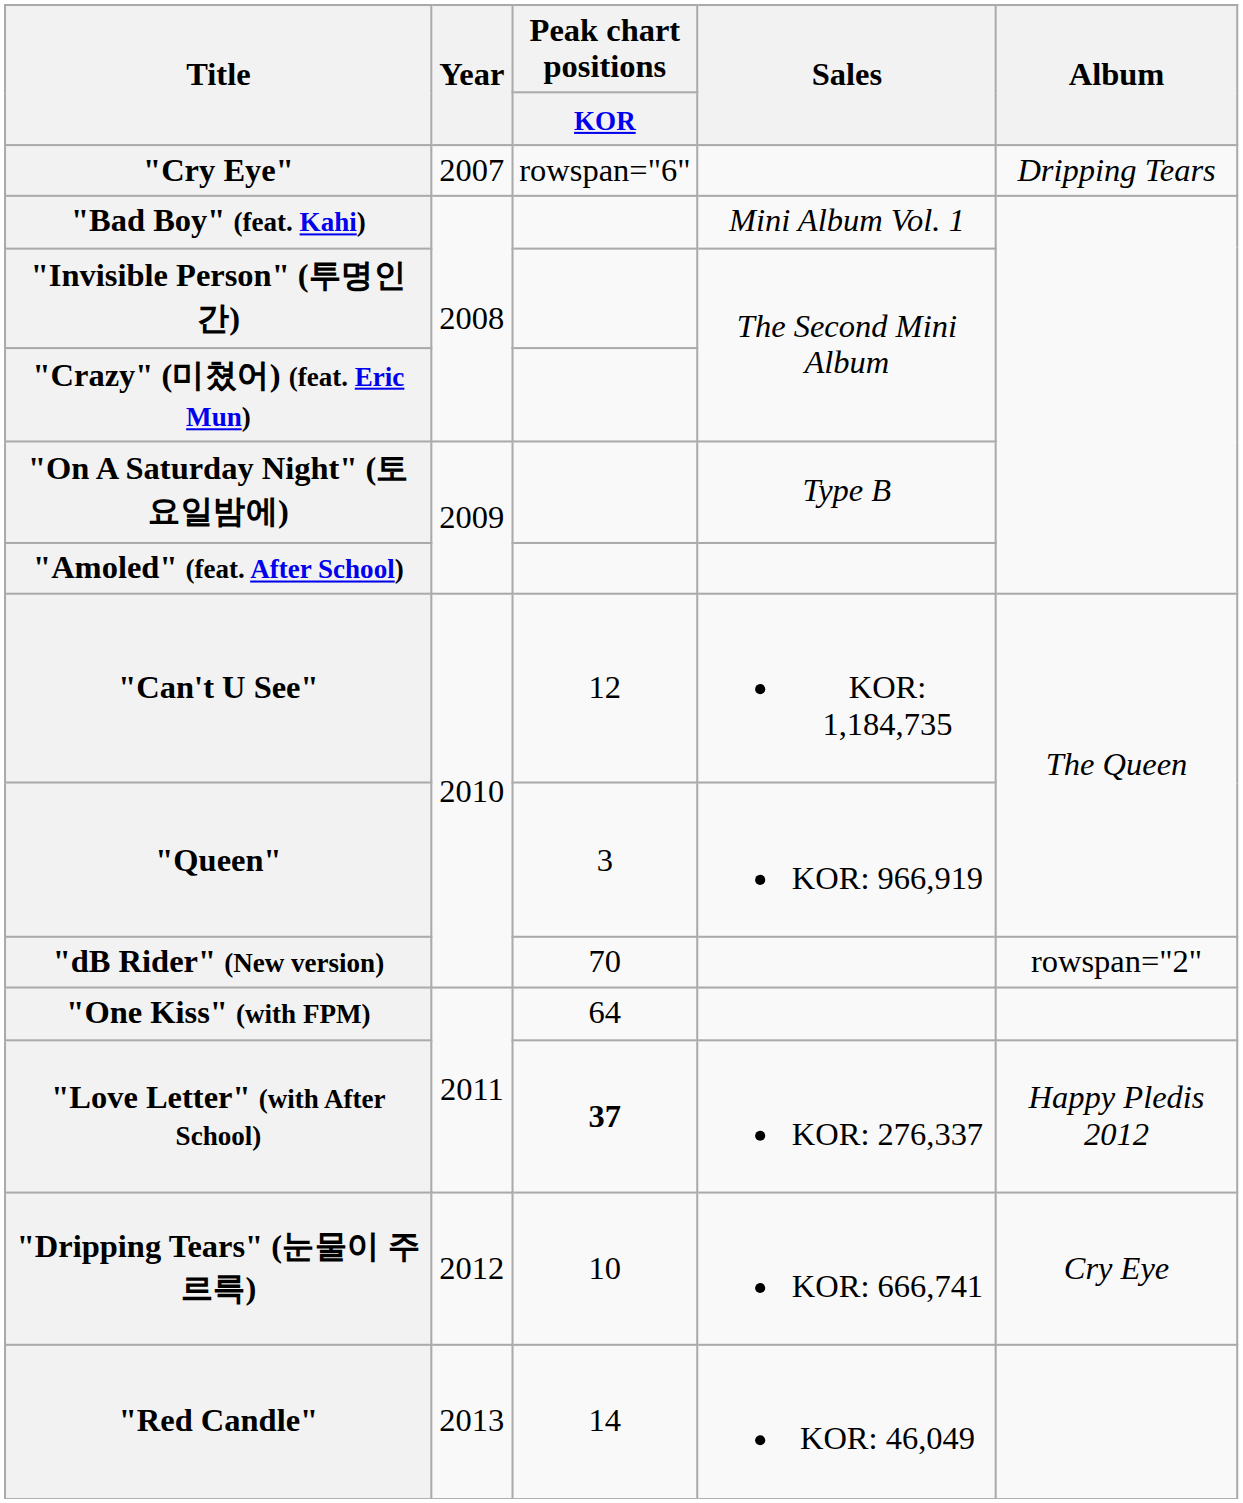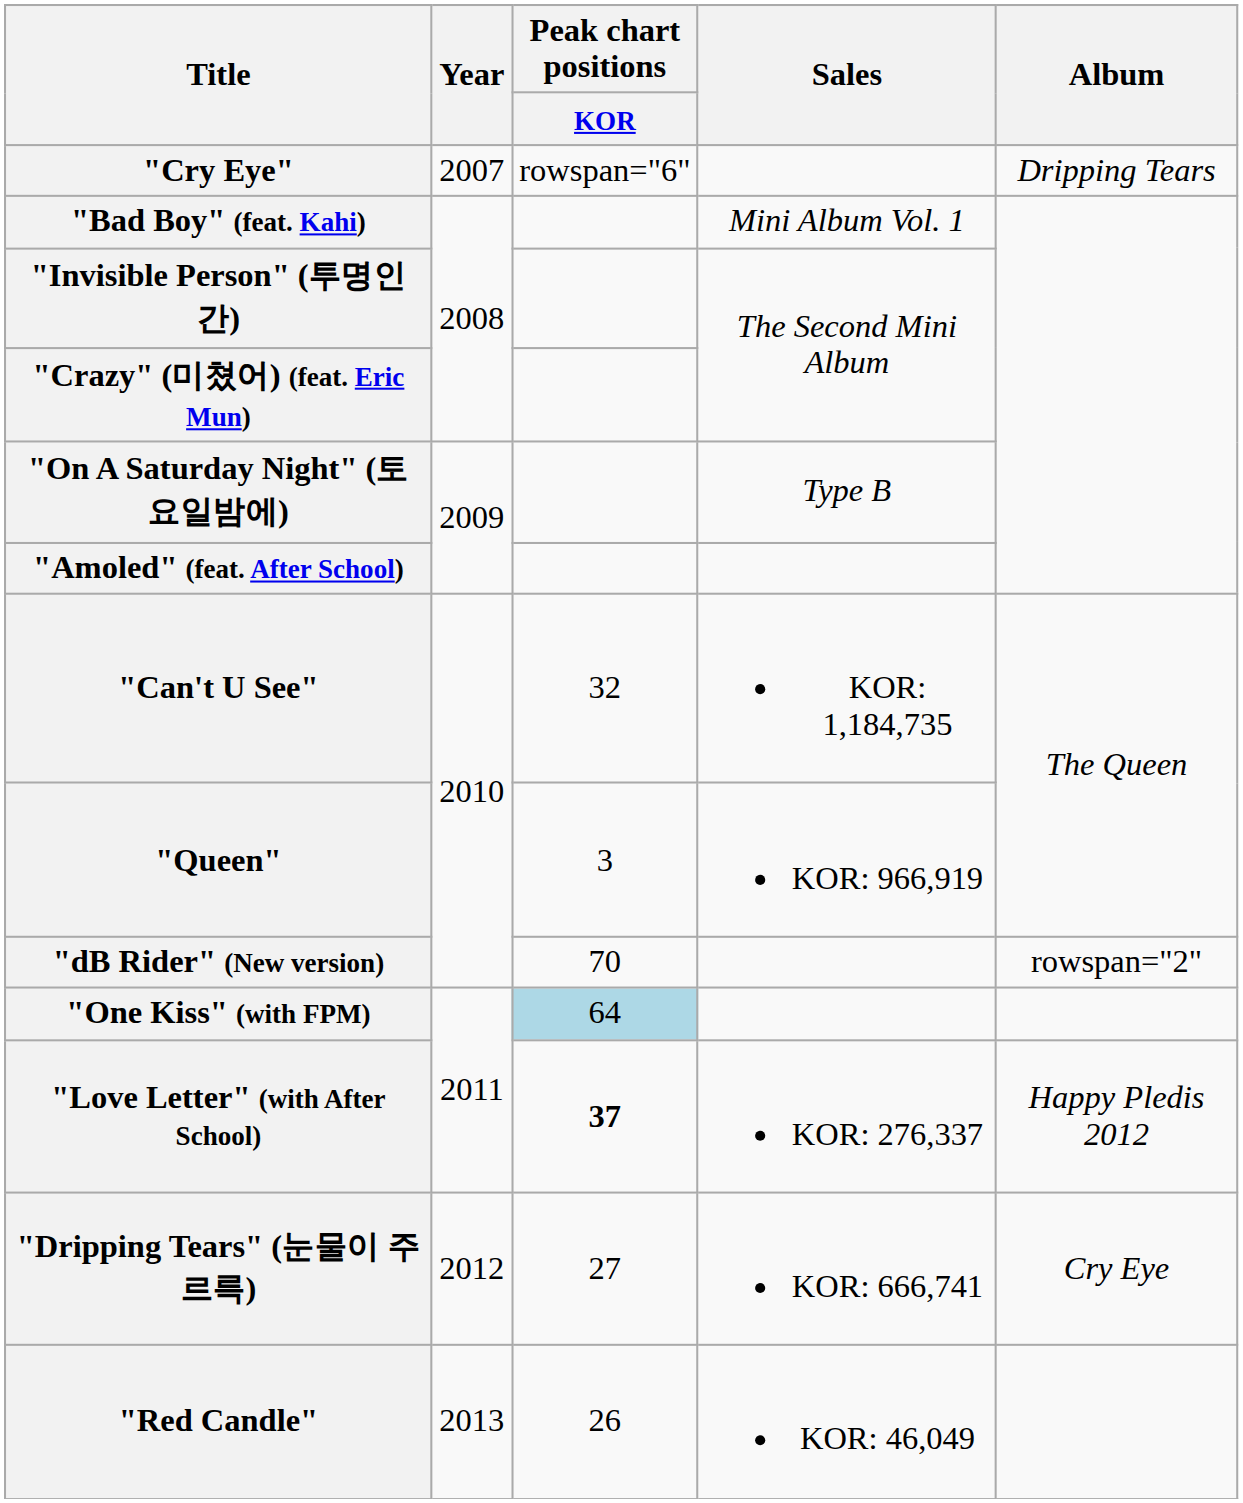 <table class="wikitable plainrowheaders" style="text-align:center">
 <tr>
 <th scope="col" rowspan="2">Title</th>
 <th scope="col" rowspan="2">Year</th>
 <th scope="col" style="width:5em;">Peak chart positions</th>
 <th scope="col" rowspan="2">Sales</th>
 <th scope="col" rowspan="2">Album</th>
 </tr>
 <tr>
 <th><small><a href='#'>KOR</a></small><br></th>
 </tr>
 <tr>
 <th scope="row">"Cry Eye"</th>
 <td>2007</td>
 <td>rowspan="6" </td>
 <td></td>
 <td><em>Dripping Tears</em></td>
 </tr>
 <tr>
 <th scope="row">"Bad Boy" <small>(feat. <a href='#'>Kahi</a>)</small></th>
 <td rowspan="3">2008</td>
 <td></td>
 <td><em>Mini Album Vol. 1</em></td>
 </tr>
 <tr>
 <th scope="row">"Invisible Person" (투명인간)</th>
 <td></td>
 <td rowspan="2"><em>The Second Mini Album</em></td>
 </tr>
 <tr>
 <th scope="row">"Crazy" (미쳤어) <small>(feat. <a href='#'>Eric Mun</a>)</small></th>
 <td></td>
 </tr>
 <tr>
 <th scope="row">"On A Saturday Night" (토요일밤에)</th>
 <td rowspan="2">2009</td>
 <td></td>
 <td><em>Type B</em></td>
 </tr>
 <tr>
 <th scope="row">"Amoled" <small>(feat. <a href='#'>After School</a>)</small></th>
 <td></td>
 <td></td>
 </tr>
 <tr>
 <th scope="row">"Can't U See"</th>
 <td rowspan="3">2010</td>
-<td>12</td>
+<td>32</td>
 <td><br><ul><li>KOR: 1,184,735</li></ul></td>
 <td rowspan="2"><em>The Queen</em></td>
 </tr>
 <tr>
 <th scope="row">"Queen"</th>
 <td>3</td>
 <td><br><ul><li>KOR: 966,919</li></ul></td>
 </tr>
 <tr>
 <th scope="row">"dB Rider" <small>(New version)</small></th>
 <td>70</td>
 <td></td>
 <td>rowspan="2" </td>
 </tr>
 <tr>
 <th scope="row">"One Kiss" <small>(with FPM)</small></th>
 <td rowspan="2">2011</td>
-<td>64</td>
+<td style="background: lightblue;">64</td>
 <td></td>
 </tr>
 <tr>
 <th scope="row">"Love Letter" <small>(with After School)</small></th>
 <td><strong>37</strong></td>
 <td><br><ul><li>KOR: 276,337</li></ul></td>
 <td><em>Happy Pledis 2012</em></td>
 </tr>
 <tr>
 <th scope="row">"Dripping Tears" (눈물이 주르륵)</th>
 <td>2012</td>
-<td>10</td>
+<td>27</td>
 <td><br><ul><li>KOR: 666,741</li></ul></td>
 <td><em>Cry Eye</em></td>
 </tr>
 <tr>
 <th scope="row">"Red Candle"</th>
 <td>2013</td>
-<td>14</td>
+<td>26</td>
 <td><br><ul><li>KOR: 46,049</li></ul></td>
 <td></td>
 </tr>
 </table>
